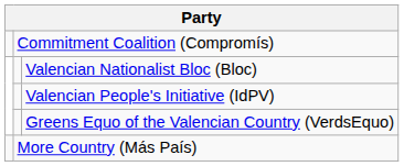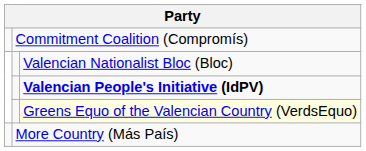 <table class="wikitable" style="text-align:left; font-size:97%;">
 <tr>
 <th colspan="3">Party</th>
 </tr>
 <tr>
 <td width="1"></td>
 <td colspan="2"><a href='#'>Commitment Coalition</a> (Compromís)</td>
 </tr>
 <tr>
 <td rowspan="3" bgcolor="white"></td>
 <td width="1"></td>
 <td><a href='#'>Valencian Nationalist Bloc</a> (Bloc)</td>
 </tr>
 <tr>
 <td></td>
-<td><a href='#'>Valencian People's Initiative</a> (IdPV)</td>
+<td><strong><a href='#'>Valencian People's Initiative</a> (IdPV)</strong></td>
 </tr>
 <tr>
 <td></td>
-<td><a href='#'>Greens Equo of the Valencian Country</a> (VerdsEquo)</td>
+<td style="background: lightyellow;"><a href='#'>Greens Equo of the Valencian Country</a> (VerdsEquo)</td>
 </tr>
 <tr>
 <td></td>
 <td colspan="2"><a href='#'>More Country</a> (Más País)</td>
 </tr>
 </table>
